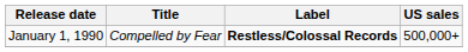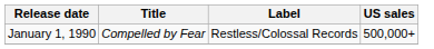 <table class="wikitable">
 <tr>
 <th>Release date</th>
 <th>Title</th>
 <th>Label</th>
 <th>US sales</th>
 </tr>
 <tr>
 <td>January 1, 1990</td>
 <td><em>Compelled by Fear</em></td>
-<td><strong>Restless/Colossal Records</strong></td>
+<td>Restless/Colossal Records</td>
 <td>500,000+</td>
 </tr>
 <tr>
 </tr>
 </table>
